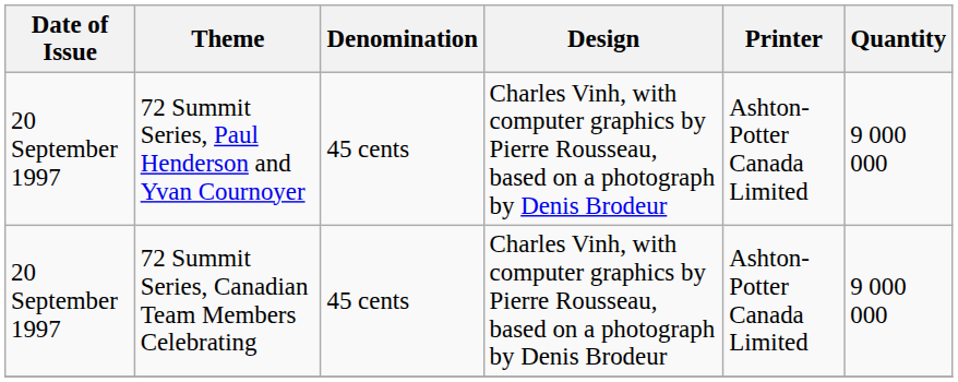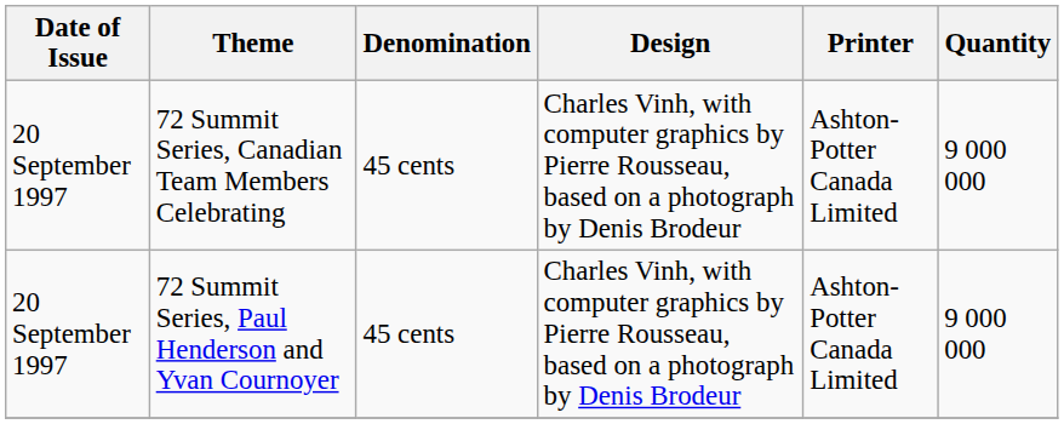 <table class="wikitable sortable">
 <tr>
 <th>Date of Issue</th>
 <th>Theme</th>
 <th>Denomination</th>
 <th>Design</th>
 <th>Printer</th>
 <th>Quantity</th>
 </tr>
 <tr>
 <td>20 September 1997</td>
+<td>72 Summit Series, Canadian Team Members Celebrating</td>
+<td>45 cents</td>
+<td>Charles Vinh, with computer graphics by Pierre Rousseau, based on a photograph by Denis Brodeur</td>
+<td>Ashton-Potter Canada Limited</td>
+<td>9 000 000</td>
+</tr>
+<tr>
+<td>20 September 1997</td>
 <td>72 Summit Series, <a href='#'>Paul Henderson</a> and <a href='#'>Yvan Cournoyer</a></td>
 <td>45 cents</td>
 <td>Charles Vinh, with computer graphics by Pierre Rousseau, based on a photograph by <a href='#'>Denis Brodeur</a></td>
 <td>Ashton-Potter Canada Limited</td>
 <td>9 000 000</td>
 </tr>
 <tr>
-<td>20 September 1997</td>
-<td>72 Summit Series, Canadian Team Members Celebrating</td>
-<td>45 cents</td>
-<td>Charles Vinh, with computer graphics by Pierre Rousseau, based on a photograph by Denis Brodeur</td>
-<td>Ashton-Potter Canada Limited</td>
-<td>9 000 000</td>
-</tr>
-<tr>
 </tr>
 </table>
